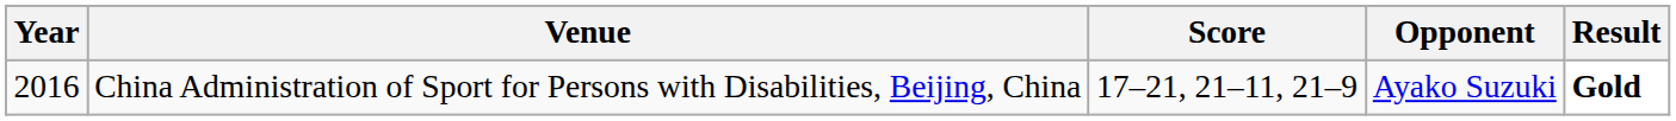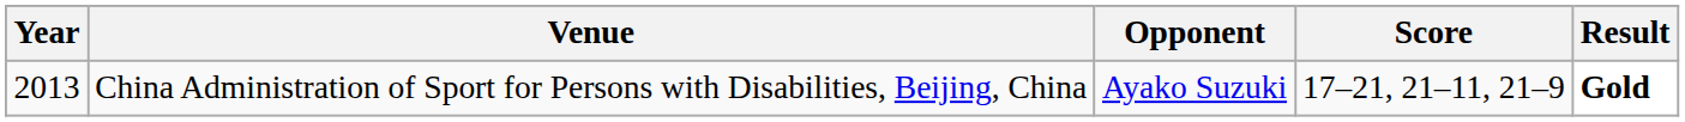 <table class="sortable wikitable" style="font-size: 90%;">
 <tr>
 <th>Year</th>
 <th>Venue</th>
+<th>Opponent</th>
 <th>Score</th>
-<th>Opponent</th>
 <th>Result</th>
 </tr>
 <tr style="background:#ECF2F">
-<td align="center">2016</td>
+<td align="center">2013</td>
 <td align="left">China Administration of Sport for Persons with Disabilities, <a href='#'>Beijing</a>, China</td>
+<td align="left"> <a href='#'>Ayako Suzuki</a></td>
 <td align="left">17–21, 21–11, 21–9</td>
-<td align="left"> <a href='#'>Ayako Suzuki</a></td>
 <td style="text-align:left; background:white"> <strong>Gold</strong></td>
 </tr>
 </table>
